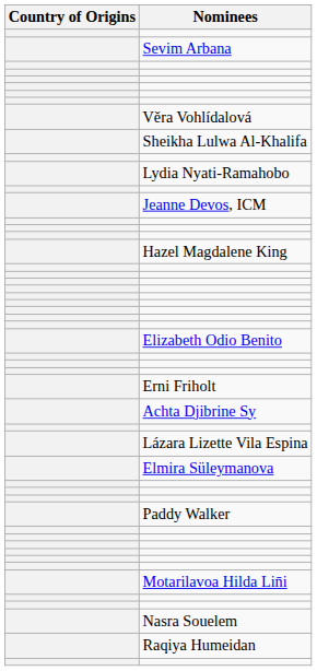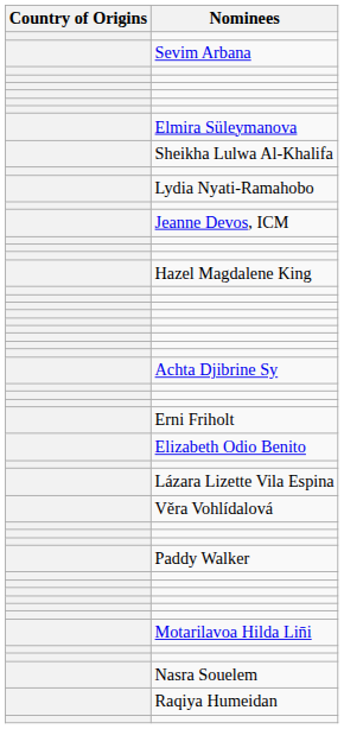 <table class="wikitable sortable">
 <tr>
 <th>Country of Origins</th>
 <th>Nominees</th>
 </tr>
 <tr>
 <th scope="row"></th>
 <td></td>
 </tr>
 <tr>
 <th scope="row"></th>
 <td><a href='#'>Sevim Arbana</a></td>
 </tr>
 <tr>
 <th scope="row"></th>
 <td></td>
 </tr>
 <tr>
 <th scope="row"></th>
 <td></td>
 </tr>
 <tr>
 <th scope="row"></th>
 <td></td>
 </tr>
 <tr>
 <th scope="row"></th>
 <td></td>
 </tr>
 <tr>
 <th scope="row"></th>
 <td></td>
 </tr>
 <tr>
 <th scope="row"></th>
 <td></td>
 </tr>
 <tr>
 <th scope="row"></th>
-<td>Věra Vohlídalová</td>
+<td><a href='#'>Elmira Süleymanova</a></td>
 </tr>
 <tr>
 <th scope="row"></th>
 <td>Sheikha Lulwa Al-Khalifa</td>
 </tr>
 <tr>
 <th scope="row"></th>
 <td></td>
 </tr>
 <tr>
 <th scope="row"></th>
 <td>Lydia Nyati-Ramahobo</td>
 </tr>
 <tr>
 <th scope="row"></th>
 <td></td>
 </tr>
 <tr>
 <th scope="row"></th>
 <td><a href='#'>Jeanne Devos</a>, ICM</td>
 </tr>
 <tr>
 <th scope="row"></th>
 <td></td>
 </tr>
 <tr>
 <th scope="row"></th>
 <td></td>
 </tr>
 <tr>
 <th scope="row"></th>
 <td></td>
 </tr>
 <tr>
 <th scope="row"></th>
 <td>Hazel Magdalene King</td>
 </tr>
 <tr>
 <th scope="row"></th>
 <td></td>
 </tr>
 <tr>
 <th scope="row"></th>
 <td></td>
 </tr>
 <tr>
 <th scope="row"></th>
 <td></td>
 </tr>
 <tr>
 <th scope="row"></th>
 <td></td>
 </tr>
 <tr>
 <th scope="row"></th>
 <td></td>
 </tr>
 <tr>
 <th scope="row"></th>
 <td></td>
 </tr>
 <tr>
 <th scope="row"></th>
 <td></td>
 </tr>
 <tr>
 <th scope="row"></th>
 <td></td>
 </tr>
 <tr>
 <th scope="row"></th>
 <td></td>
 </tr>
 <tr>
 <th scope="row"></th>
-<td><a href='#'>Elizabeth Odio Benito</a></td>
+<td><a href='#'>Achta Djibrine Sy</a></td>
 </tr>
 <tr>
 <th scope="row"></th>
 <td></td>
 </tr>
 <tr>
 <th scope="row"></th>
 <td></td>
 </tr>
 <tr>
 <th scope="row"></th>
 <td></td>
 </tr>
 <tr>
 <th scope="row"></th>
 <td>Erni Friholt</td>
 </tr>
 <tr>
 <th scope="row"></th>
-<td><a href='#'>Achta Djibrine Sy</a></td>
+<td><a href='#'>Elizabeth Odio Benito</a></td>
 </tr>
 <tr>
 <th scope="row"></th>
 <td></td>
 </tr>
 <tr>
 <th scope="row"></th>
 <td>Lázara Lizette Vila Espina</td>
 </tr>
 <tr>
 <th scope="row"></th>
-<td><a href='#'>Elmira Süleymanova</a></td>
+<td>Věra Vohlídalová</td>
 </tr>
 <tr>
 <th scope="row"></th>
 <td></td>
 </tr>
 <tr>
 <th scope="row"></th>
 <td></td>
 </tr>
 <tr>
 <th scope="row"></th>
 <td></td>
 </tr>
 <tr>
 <th scope="row"></th>
 <td>Paddy Walker</td>
 </tr>
 <tr>
 <th scope="row"></th>
 <td></td>
 </tr>
 <tr>
 <th scope="row"></th>
 <td></td>
 </tr>
 <tr>
 <th scope="row"></th>
 <td></td>
 </tr>
 <tr>
 <th scope="row"></th>
 <td></td>
 </tr>
 <tr>
 <th scope="row"></th>
 <td></td>
 </tr>
 <tr>
 <th scope="row"></th>
 <td></td>
 </tr>
 <tr>
 <th scope="row"></th>
 <td><a href='#'>Motarilavoa Hilda Lin̄i</a></td>
 </tr>
 <tr>
 <th scope="row"></th>
 <td></td>
 </tr>
 <tr>
 <th scope="row"></th>
 <td></td>
 </tr>
 <tr>
 <th scope="row"></th>
 <td>Nasra Souelem</td>
 </tr>
 <tr>
 <th scope="row"></th>
 <td>Raqiya Humeidan</td>
 </tr>
 <tr>
 <th scope="row"></th>
 <td></td>
 </tr>
 </table>
